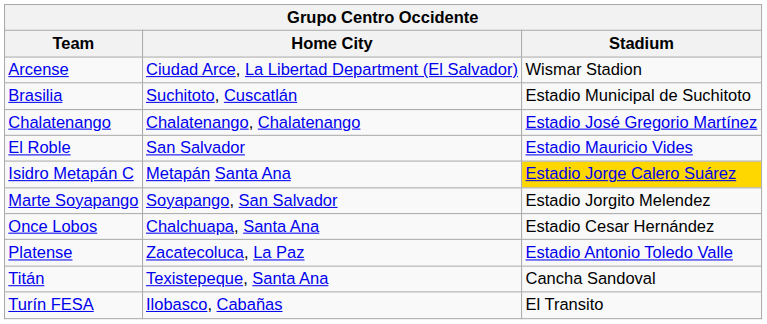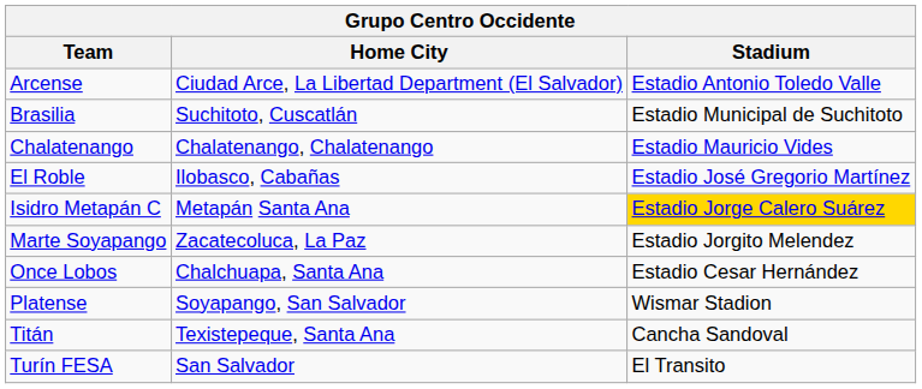 <table class="wikitable sortable">
 <tr>
 <th colspan=9>Grupo Centro Occidente</th>
 </tr>
 <tr>
 <th>Team</th>
 <th>Home City</th>
 <th>Stadium</th>
 </tr>
 <tr>
 <td><a href='#'>Arcense</a></td>
 <td><a href='#'>Ciudad Arce</a>, <a href='#'>La Libertad Department (El Salvador)</a></td>
-<td>Wismar Stadion</td>
+<td><a href='#'>Estadio Antonio Toledo Valle</a></td>
 </tr>
 <tr>
 <td><a href='#'>Brasilia</a></td>
 <td><a href='#'>Suchitoto</a>, <a href='#'>Cuscatlán</a></td>
 <td>Estadio Municipal de Suchitoto</td>
 </tr>
 <tr>
 <td><a href='#'>Chalatenango</a></td>
 <td><a href='#'>Chalatenango</a>, <a href='#'>Chalatenango</a></td>
-<td><a href='#'>Estadio José Gregorio Martínez</a></td>
+<td><a href='#'>Estadio Mauricio Vides</a></td>
 </tr>
 <tr>
 <td><a href='#'>El Roble</a></td>
-<td><a href='#'>San Salvador</a></td>
-<td><a href='#'>Estadio Mauricio Vides</a></td>
+<td><a href='#'>Ilobasco</a>, <a href='#'>Cabañas</a></td>
+<td><a href='#'>Estadio José Gregorio Martínez</a></td>
 </tr>
 <tr>
 <td><a href='#'>Isidro Metapán C</a></td>
 <td><a href='#'>Metapán</a> <a href='#'>Santa Ana</a></td>
 <td style="background: gold;"><a href='#'>Estadio Jorge Calero Suárez</a></td>
 </tr>
 <tr>
 <td><a href='#'>Marte Soyapango</a></td>
-<td><a href='#'>Soyapango</a>, <a href='#'>San Salvador</a></td>
+<td><a href='#'>Zacatecoluca</a>, <a href='#'>La Paz</a></td>
 <td>Estadio Jorgito Melendez</td>
 </tr>
 <tr>
 <td><a href='#'>Once Lobos</a></td>
 <td><a href='#'>Chalchuapa</a>, <a href='#'>Santa Ana</a></td>
 <td>Estadio Cesar Hernández</td>
 </tr>
 <tr>
 <td><a href='#'>Platense</a></td>
-<td><a href='#'>Zacatecoluca</a>, <a href='#'>La Paz</a></td>
-<td><a href='#'>Estadio Antonio Toledo Valle</a></td>
+<td><a href='#'>Soyapango</a>, <a href='#'>San Salvador</a></td>
+<td>Wismar Stadion</td>
 </tr>
 <tr>
 <td><a href='#'>Titán</a></td>
 <td><a href='#'>Texistepeque</a>, <a href='#'>Santa Ana</a></td>
 <td>Cancha Sandoval</td>
 </tr>
 <tr>
 <td><a href='#'>Turín FESA</a></td>
-<td><a href='#'>Ilobasco</a>, <a href='#'>Cabañas</a></td>
+<td><a href='#'>San Salvador</a></td>
 <td>El Transito</td>
 </tr>
 </table>
